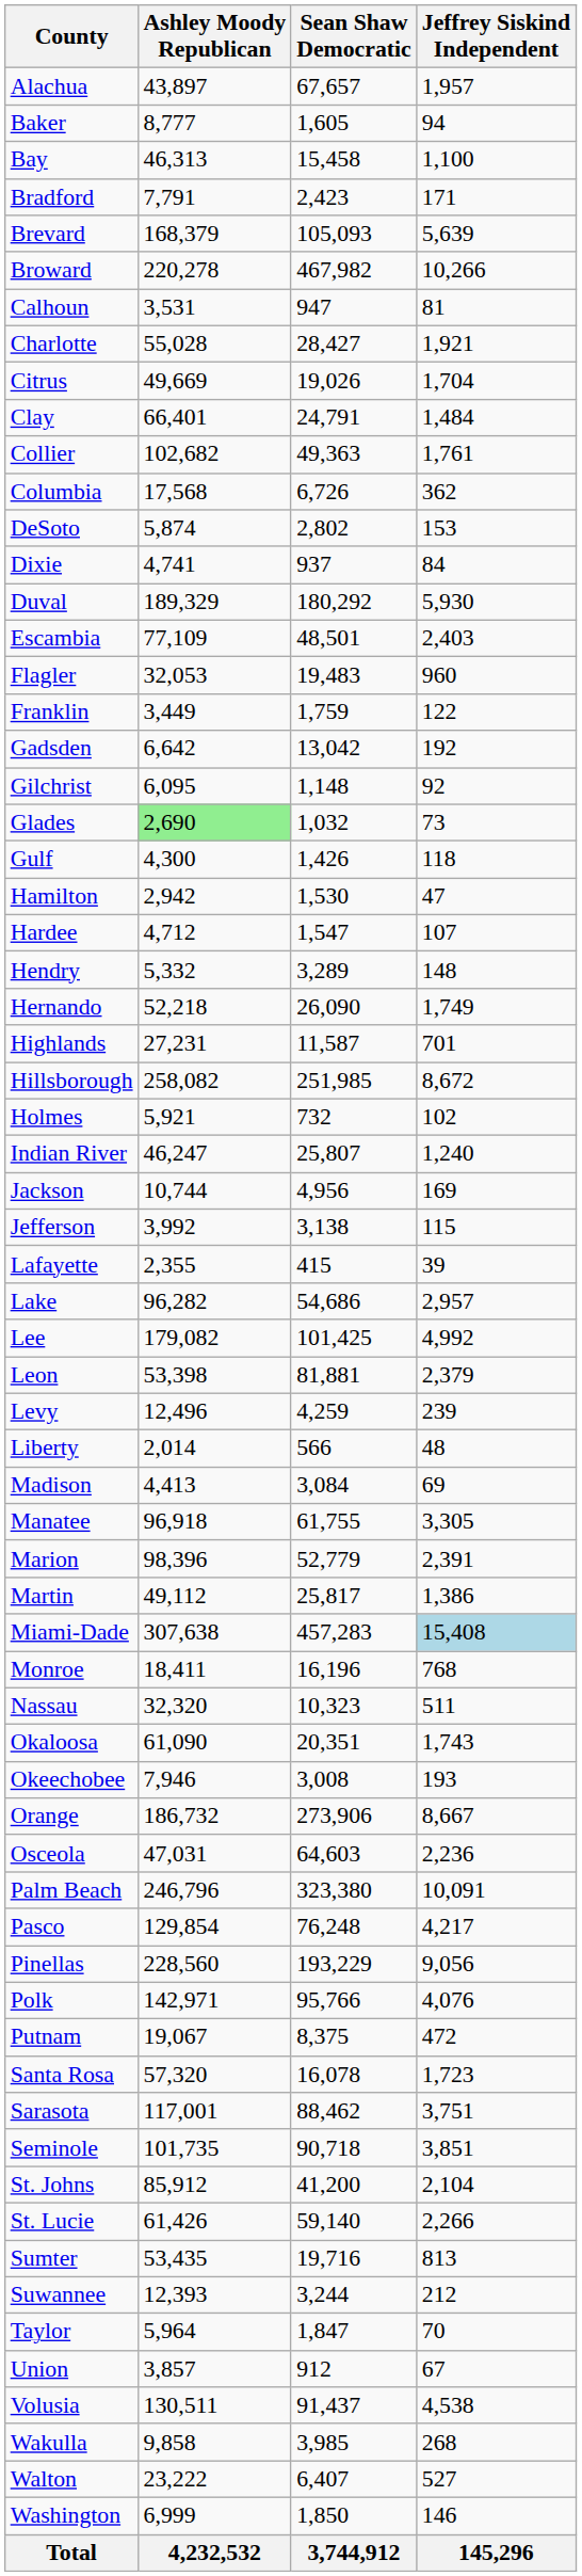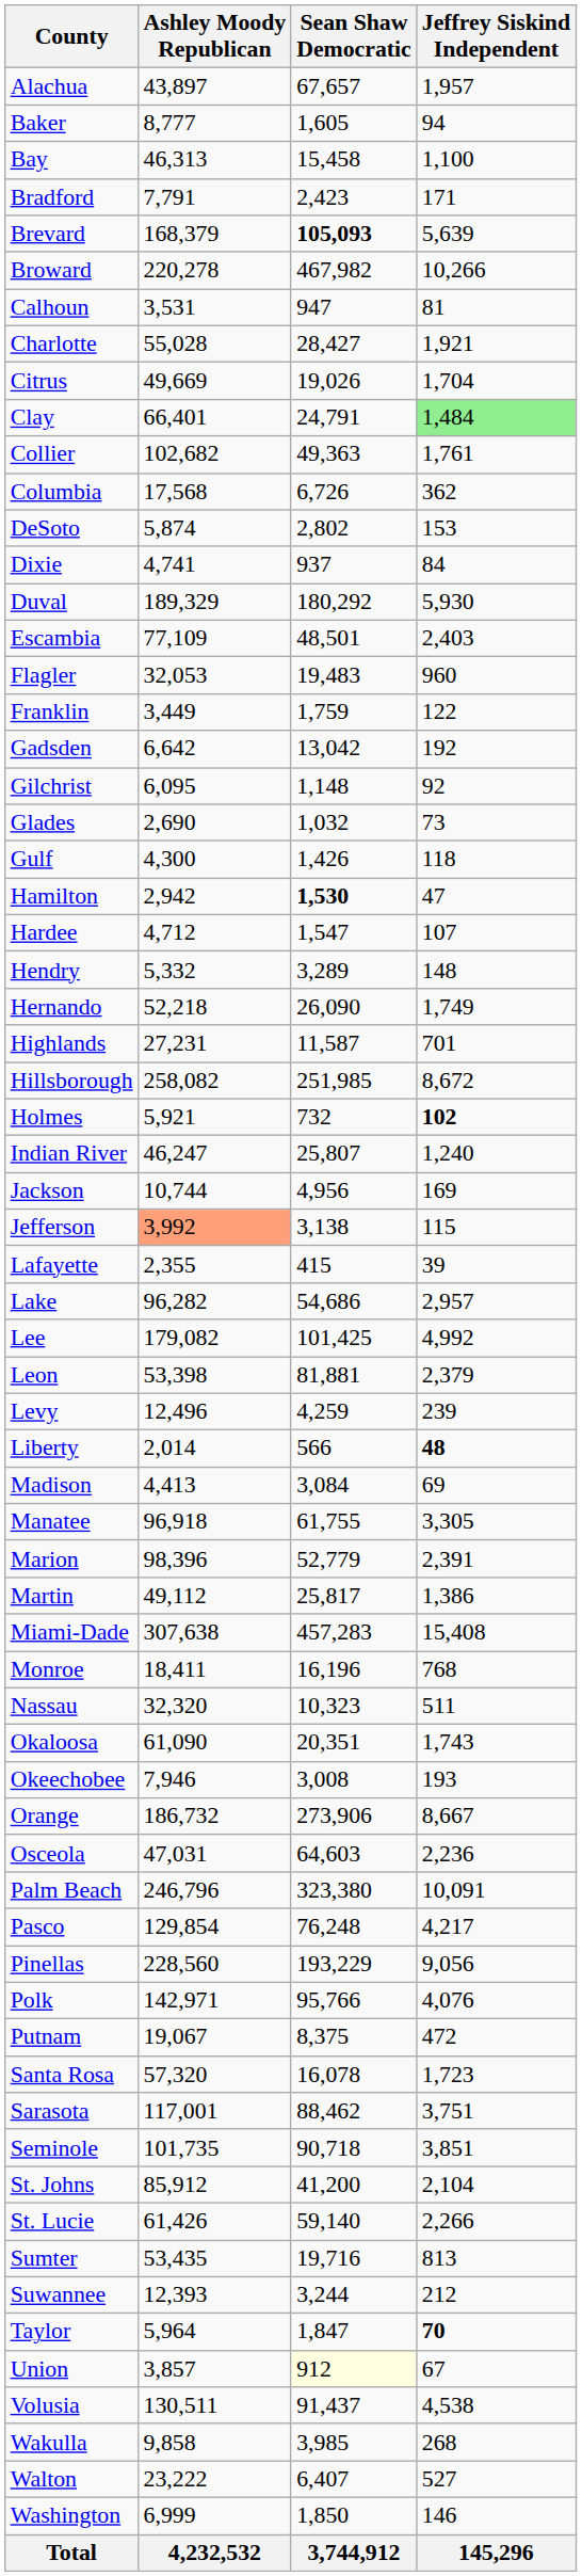 <table class="wikitable sortable">
 <tr>
 <th>County</th>
 <th style="text-align:center;" data-sort-type="number">Ashley Moody<br>Republican</th>
 <th style="text-align:center;" data-sort-type="number">Sean Shaw<br>Democratic</th>
 <th style="text-align:center;" data-sort-type="number">Jeffrey Siskind<br>Independent</th>
 </tr>
 <tr>
 <td><a href='#'>Alachua</a></td>
 <td>43,897</td>
 <td>67,657</td>
 <td>1,957</td>
 </tr>
 <tr>
 <td><a href='#'>Baker</a></td>
 <td>8,777</td>
 <td>1,605</td>
 <td>94</td>
 </tr>
 <tr>
 <td><a href='#'>Bay</a></td>
 <td>46,313</td>
 <td>15,458</td>
 <td>1,100</td>
 </tr>
 <tr>
 <td><a href='#'>Bradford</a></td>
 <td>7,791</td>
 <td>2,423</td>
 <td>171</td>
 </tr>
 <tr>
 <td><a href='#'>Brevard</a></td>
 <td>168,379</td>
-<td>105,093</td>
+<td><strong>105,093</strong></td>
 <td>5,639</td>
 </tr>
 <tr>
 <td><a href='#'>Broward</a></td>
 <td>220,278</td>
 <td>467,982</td>
 <td>10,266</td>
 </tr>
 <tr>
 <td><a href='#'>Calhoun</a></td>
 <td>3,531</td>
 <td>947</td>
 <td>81</td>
 </tr>
 <tr>
 <td><a href='#'>Charlotte</a></td>
 <td>55,028</td>
 <td>28,427</td>
 <td>1,921</td>
 </tr>
 <tr>
 <td><a href='#'>Citrus</a></td>
 <td>49,669</td>
 <td>19,026</td>
 <td>1,704</td>
 </tr>
 <tr>
 <td><a href='#'>Clay</a></td>
 <td>66,401</td>
 <td>24,791</td>
-<td>1,484</td>
+<td style="background: lightgreen;">1,484</td>
 </tr>
 <tr>
 <td><a href='#'>Collier</a></td>
 <td>102,682</td>
 <td>49,363</td>
 <td>1,761</td>
 </tr>
 <tr>
 <td><a href='#'>Columbia</a></td>
 <td>17,568</td>
 <td>6,726</td>
 <td>362</td>
 </tr>
 <tr>
 <td><a href='#'>DeSoto</a></td>
 <td>5,874</td>
 <td>2,802</td>
 <td>153</td>
 </tr>
 <tr>
 <td><a href='#'>Dixie</a></td>
 <td>4,741</td>
 <td>937</td>
 <td>84</td>
 </tr>
 <tr>
 <td><a href='#'>Duval</a></td>
 <td>189,329</td>
 <td>180,292</td>
 <td>5,930</td>
 </tr>
 <tr>
 <td><a href='#'>Escambia</a></td>
 <td>77,109</td>
 <td>48,501</td>
 <td>2,403</td>
 </tr>
 <tr>
 <td><a href='#'>Flagler</a></td>
 <td>32,053</td>
 <td>19,483</td>
 <td>960</td>
 </tr>
 <tr>
 <td><a href='#'>Franklin</a></td>
 <td>3,449</td>
 <td>1,759</td>
 <td>122</td>
 </tr>
 <tr>
 <td><a href='#'>Gadsden</a></td>
 <td>6,642</td>
 <td>13,042</td>
 <td>192</td>
 </tr>
 <tr>
 <td><a href='#'>Gilchrist</a></td>
 <td>6,095</td>
 <td>1,148</td>
 <td>92</td>
 </tr>
 <tr>
 <td><a href='#'>Glades</a></td>
-<td style="background: lightgreen;">2,690</td>
+<td>2,690</td>
 <td>1,032</td>
 <td>73</td>
 </tr>
 <tr>
 <td><a href='#'>Gulf</a></td>
 <td>4,300</td>
 <td>1,426</td>
 <td>118</td>
 </tr>
 <tr>
 <td><a href='#'>Hamilton</a></td>
 <td>2,942</td>
-<td>1,530</td>
+<td><strong>1,530</strong></td>
 <td>47</td>
 </tr>
 <tr>
 <td><a href='#'>Hardee</a></td>
 <td>4,712</td>
 <td>1,547</td>
 <td>107</td>
 </tr>
 <tr>
 <td><a href='#'>Hendry</a></td>
 <td>5,332</td>
 <td>3,289</td>
 <td>148</td>
 </tr>
 <tr>
 <td><a href='#'>Hernando</a></td>
 <td>52,218</td>
 <td>26,090</td>
 <td>1,749</td>
 </tr>
 <tr>
 <td><a href='#'>Highlands</a></td>
 <td>27,231</td>
 <td>11,587</td>
 <td>701</td>
 </tr>
 <tr>
 <td><a href='#'>Hillsborough</a></td>
 <td>258,082</td>
 <td>251,985</td>
 <td>8,672</td>
 </tr>
 <tr>
 <td><a href='#'>Holmes</a></td>
 <td>5,921</td>
 <td>732</td>
-<td>102</td>
+<td><strong>102</strong></td>
 </tr>
 <tr>
 <td><a href='#'>Indian River</a></td>
 <td>46,247</td>
 <td>25,807</td>
 <td>1,240</td>
 </tr>
 <tr>
 <td><a href='#'>Jackson</a></td>
 <td>10,744</td>
 <td>4,956</td>
 <td>169</td>
 </tr>
 <tr>
 <td><a href='#'>Jefferson</a></td>
-<td>3,992</td>
+<td style="background: lightsalmon;">3,992</td>
 <td>3,138</td>
 <td>115</td>
 </tr>
 <tr>
 <td><a href='#'>Lafayette</a></td>
 <td>2,355</td>
 <td>415</td>
 <td>39</td>
 </tr>
 <tr>
 <td><a href='#'>Lake</a></td>
 <td>96,282</td>
 <td>54,686</td>
 <td>2,957</td>
 </tr>
 <tr>
 <td><a href='#'>Lee</a></td>
 <td>179,082</td>
 <td>101,425</td>
 <td>4,992</td>
 </tr>
 <tr>
 <td><a href='#'>Leon</a></td>
 <td>53,398</td>
 <td>81,881</td>
 <td>2,379</td>
 </tr>
 <tr>
 <td><a href='#'>Levy</a></td>
 <td>12,496</td>
 <td>4,259</td>
 <td>239</td>
 </tr>
 <tr>
 <td><a href='#'>Liberty</a></td>
 <td>2,014</td>
 <td>566</td>
-<td>48</td>
+<td><strong>48</strong></td>
 </tr>
 <tr>
 <td><a href='#'>Madison</a></td>
 <td>4,413</td>
 <td>3,084</td>
 <td>69</td>
 </tr>
 <tr>
 <td><a href='#'>Manatee</a></td>
 <td>96,918</td>
 <td>61,755</td>
 <td>3,305</td>
 </tr>
 <tr>
 <td><a href='#'>Marion</a></td>
 <td>98,396</td>
 <td>52,779</td>
 <td>2,391</td>
 </tr>
 <tr>
 <td><a href='#'>Martin</a></td>
 <td>49,112</td>
 <td>25,817</td>
 <td>1,386</td>
 </tr>
 <tr>
 <td><a href='#'>Miami-Dade</a></td>
 <td>307,638</td>
 <td>457,283</td>
-<td style="background: lightblue;">15,408</td>
+<td>15,408</td>
 </tr>
 <tr>
 <td><a href='#'>Monroe</a></td>
 <td>18,411</td>
 <td>16,196</td>
 <td>768</td>
 </tr>
 <tr>
 <td><a href='#'>Nassau</a></td>
 <td>32,320</td>
 <td>10,323</td>
 <td>511</td>
 </tr>
 <tr>
 <td><a href='#'>Okaloosa</a></td>
 <td>61,090</td>
 <td>20,351</td>
 <td>1,743</td>
 </tr>
 <tr>
 <td><a href='#'>Okeechobee</a></td>
 <td>7,946</td>
 <td>3,008</td>
 <td>193</td>
 </tr>
 <tr>
 <td><a href='#'>Orange</a></td>
 <td>186,732</td>
 <td>273,906</td>
 <td>8,667</td>
 </tr>
 <tr>
 <td><a href='#'>Osceola</a></td>
 <td>47,031</td>
 <td>64,603</td>
 <td>2,236</td>
 </tr>
 <tr>
 <td><a href='#'>Palm Beach</a></td>
 <td>246,796</td>
 <td>323,380</td>
 <td>10,091</td>
 </tr>
 <tr>
 <td><a href='#'>Pasco</a></td>
 <td>129,854</td>
 <td>76,248</td>
 <td>4,217</td>
 </tr>
 <tr>
 <td><a href='#'>Pinellas</a></td>
 <td>228,560</td>
 <td>193,229</td>
 <td>9,056</td>
 </tr>
 <tr>
 <td><a href='#'>Polk</a></td>
 <td>142,971</td>
 <td>95,766</td>
 <td>4,076</td>
 </tr>
 <tr>
 <td><a href='#'>Putnam</a></td>
 <td>19,067</td>
 <td>8,375</td>
 <td>472</td>
 </tr>
 <tr>
 <td><a href='#'>Santa Rosa</a></td>
 <td>57,320</td>
 <td>16,078</td>
 <td>1,723</td>
 </tr>
 <tr>
 <td><a href='#'>Sarasota</a></td>
 <td>117,001</td>
 <td>88,462</td>
 <td>3,751</td>
 </tr>
 <tr>
 <td><a href='#'>Seminole</a></td>
 <td>101,735</td>
 <td>90,718</td>
 <td>3,851</td>
 </tr>
 <tr>
 <td><a href='#'>St. Johns</a></td>
 <td>85,912</td>
 <td>41,200</td>
 <td>2,104</td>
 </tr>
 <tr>
 <td><a href='#'>St. Lucie</a></td>
 <td>61,426</td>
 <td>59,140</td>
 <td>2,266</td>
 </tr>
 <tr>
 <td><a href='#'>Sumter</a></td>
 <td>53,435</td>
 <td>19,716</td>
 <td>813</td>
 </tr>
 <tr>
 <td><a href='#'>Suwannee</a></td>
 <td>12,393</td>
 <td>3,244</td>
 <td>212</td>
 </tr>
 <tr>
 <td><a href='#'>Taylor</a></td>
 <td>5,964</td>
 <td>1,847</td>
-<td>70</td>
+<td><strong>70</strong></td>
 </tr>
 <tr>
 <td><a href='#'>Union</a></td>
 <td>3,857</td>
-<td>912</td>
+<td style="background: lightyellow;">912</td>
 <td>67</td>
 </tr>
 <tr>
 <td><a href='#'>Volusia</a></td>
 <td>130,511</td>
 <td>91,437</td>
 <td>4,538</td>
 </tr>
 <tr>
 <td><a href='#'>Wakulla</a></td>
 <td>9,858</td>
 <td>3,985</td>
 <td>268</td>
 </tr>
 <tr>
 <td><a href='#'>Walton</a></td>
 <td>23,222</td>
 <td>6,407</td>
 <td>527</td>
 </tr>
 <tr>
 <td><a href='#'>Washington</a></td>
 <td>6,999</td>
 <td>1,850</td>
 <td>146</td>
 </tr>
 <tr>
 <th>Total</th>
 <th>4,232,532</th>
 <th>3,744,912</th>
 <th>145,296</th>
 </tr>
 </table>
